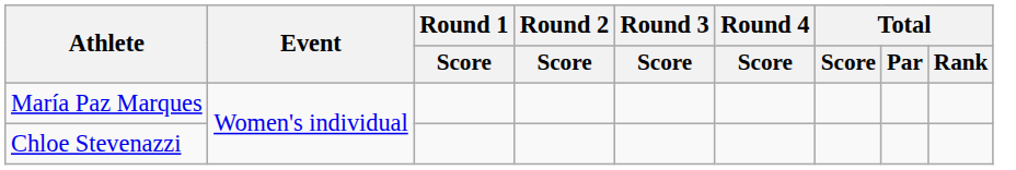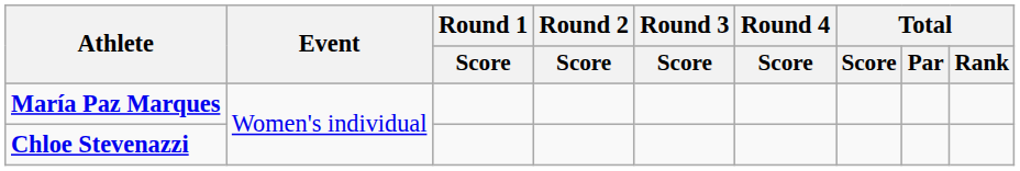 <table class=wikitable style=font-size:90%;text-align:center>
 <tr>
 <th rowspan=2>Athlete</th>
 <th rowspan=2>Event</th>
 <th>Round 1</th>
 <th>Round 2</th>
 <th>Round 3</th>
 <th>Round 4</th>
 <th colspan=3>Total</th>
 </tr>
 <tr style=font-size:95%>
 <th>Score</th>
 <th>Score</th>
 <th>Score</th>
 <th>Score</th>
 <th>Score</th>
 <th>Par</th>
 <th>Rank</th>
 </tr>
 <tr>
-<td align=left><a href='#'>María Paz Marques</a></td>
+<td align=left><strong><a href='#'>María Paz Marques</a></strong></td>
 <td align=left rowspan=2><a href='#'>Women's individual</a></td>
 <td></td>
 <td></td>
 <td></td>
 <td></td>
 <td></td>
 <td></td>
 <td></td>
 </tr>
 <tr>
-<td align=left><a href='#'>Chloe Stevenazzi</a></td>
+<td align=left><strong><a href='#'>Chloe Stevenazzi</a></strong></td>
 <td></td>
 <td></td>
 <td></td>
 <td></td>
 <td></td>
 <td></td>
 <td></td>
 </tr>
 </table>
